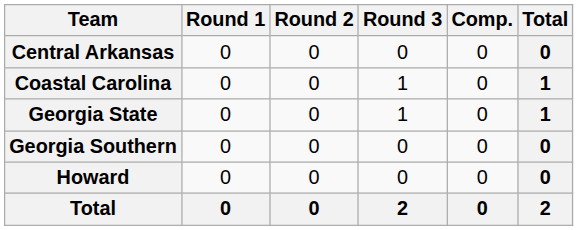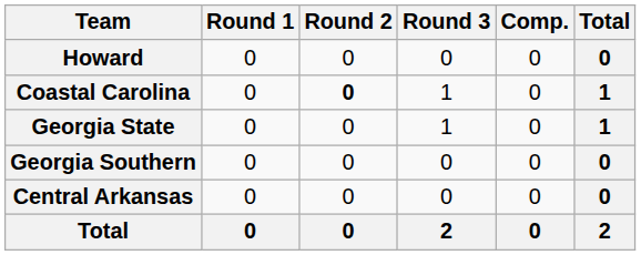 <table class="wikitable sortable" style="text-align:center;">
 <tr>
 <th>Team</th>
 <th>Round 1</th>
 <th>Round 2</th>
 <th>Round 3</th>
 <th>Comp.</th>
 <th>Total</th>
 </tr>
 <tr>
-<th>Central Arkansas</th>
+<th>Howard</th>
 <td>0</td>
 <td>0</td>
 <td>0</td>
 <td>0</td>
 <th>0</th>
 </tr>
 <tr>
 <th>Coastal Carolina</th>
 <td>0</td>
-<td>0</td>
+<td><strong>0</strong></td>
 <td>1</td>
 <td>0</td>
 <th>1</th>
 </tr>
 <tr>
 <th>Georgia State</th>
 <td>0</td>
 <td>0</td>
 <td>1</td>
 <td>0</td>
 <th>1</th>
 </tr>
 <tr>
 <th>Georgia Southern</th>
 <td>0</td>
 <td>0</td>
 <td>0</td>
 <td>0</td>
 <th>0</th>
 </tr>
 <tr>
-<th>Howard</th>
+<th>Central Arkansas</th>
 <td>0</td>
 <td>0</td>
 <td>0</td>
 <td>0</td>
 <th>0</th>
 </tr>
 <tr>
 <th>Total</th>
 <th>0</th>
 <th>0</th>
 <th>2</th>
 <th>0</th>
 <th>2</th>
 </tr>
 </table>
